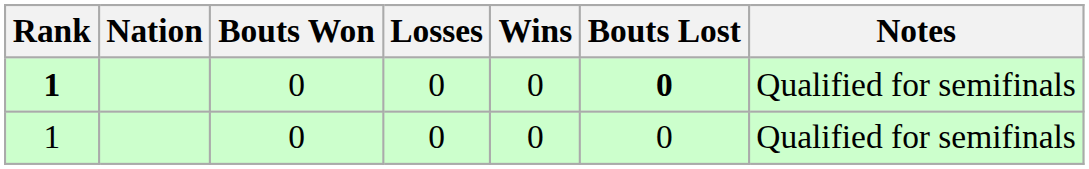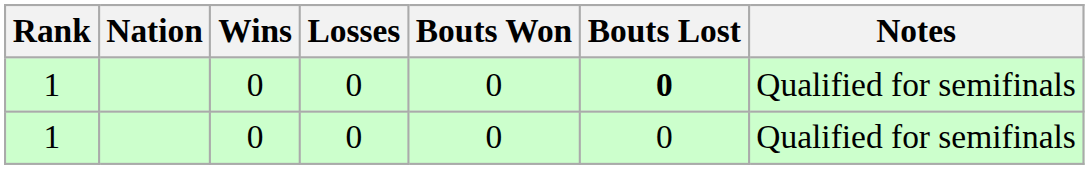 <table class="wikitable sortable" style="text-align:center">
 <tr>
 <th>Rank</th>
 <th>Nation</th>
+<th>Wins</th>
+<th>Losses</th>
 <th>Bouts Won</th>
-<th>Losses</th>
-<th>Wins</th>
 <th>Bouts Lost</th>
 <th>Notes</th>
 </tr>
 <tr style="background:#cfc;">
-<td><strong>1</strong></td>
+<td>1</td>
 <td align=left></td>
 <td>0</td>
 <td>0</td>
 <td>0</td>
 <td><strong>0</strong></td>
 <td>Qualified for semifinals</td>
 </tr>
 <tr style="background:#cfc;">
 <td>1</td>
 <td align=left></td>
 <td>0</td>
 <td>0</td>
 <td>0</td>
 <td>0</td>
 <td>Qualified for semifinals</td>
 </tr>
 </table>
